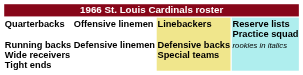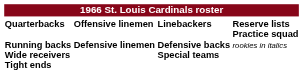 <table class="toccolours" style="text-align: left;">
 <tr>
 <th colspan="9" style="background-color: #870619; color: white; text-align: center;"><strong>1966 St. Louis Cardinals roster</strong></th>
 </tr>
 <tr>
 <td style="font-size: 95%;" valign="top"><strong>Quarterbacks</strong><br>  <br><strong>Running backs</strong>       <br><strong>Wide receivers</strong>   <br><strong>Tight ends</strong>  </td>
 <td style="font-size: 95%;" valign="top"><strong>Offensive linemen</strong><br>         <br><strong>Defensive linemen</strong>       </td>
-<td style="background: khaki; font-size: 95%;" valign="top"><strong>Linebackers</strong><br>     <br><strong>Defensive backs</strong>       <br><strong>Special teams</strong> </td>
-<td style="background: paleturquoise; font-size: 95%;" valign="top"><strong>Reserve lists</strong><br><strong>Practice squad</strong><br><small><em>rookies in italics</em></small><br></td>
+<td style="font-size: 95%;" valign="top"><strong>Linebackers</strong><br>     <br><strong>Defensive backs</strong>       <br><strong>Special teams</strong> </td>
+<td style="font-size: 95%;" valign="top"><strong>Reserve lists</strong><br><strong>Practice squad</strong><br><small><em>rookies in italics</em></small><br></td>
 </tr>
 <tr>
 <td></td>
 </tr>
 </table>
